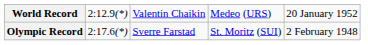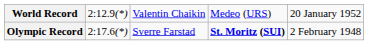 <table class="wikitable" style="font-size:95%;">
 <tr>
 <th>World Record</th>
 <td>2:12.9<em>(*)</em></td>
 <td> <a href='#'>Valentin Chaikin</a></td>
 <td><a href='#'>Medeo</a> (<a href='#'>URS</a>)</td>
 <td>20 January 1952</td>
 </tr>
 <tr>
 <th>Olympic Record</th>
 <td>2:17.6<em>(*)</em></td>
 <td> <a href='#'>Sverre Farstad</a></td>
-<td><a href='#'>St. Moritz</a> (<a href='#'>SUI</a>)</td>
+<td><strong><a href='#'>St. Moritz</a> (<a href='#'>SUI</a>)</strong></td>
 <td>2 February 1948</td>
 </tr>
 </table>
